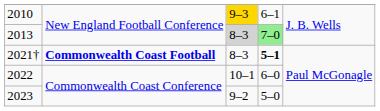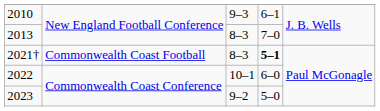 <table class="wikitable">
 <tr>
 </tr>
 <tr>
 <td>2010</td>
 <td rowspan=2><a href='#'>New England Football Conference</a></td>
-<td style="background: gold;">9–3</td>
+<td>9–3</td>
 <td>6–1</td>
 <td rowspan=2><a href='#'>J. B. Wells</a></td>
 </tr>
 <tr>
 <td>2013</td>
-<td style="background: lightgrey;">8–3</td>
-<td style="background: lightgreen;">7–0</td>
+<td>8–3</td>
+<td>7–0</td>
 </tr>
 <tr>
 <td>2021†</td>
-<td><strong><a href='#'>Commonwealth Coast Football</a></strong></td>
+<td><a href='#'>Commonwealth Coast Football</a></td>
 <td>8–3</td>
 <td><strong>5–1</strong></td>
 <td rowspan=3><a href='#'>Paul McGonagle</a></td>
 </tr>
 <tr>
 <td>2022</td>
 <td rowspan=2><a href='#'>Commonwealth Coast Conference</a></td>
 <td>10–1</td>
 <td>6–0</td>
 </tr>
 <tr>
 <td>2023</td>
 <td>9–2</td>
 <td>5–0</td>
 </tr>
 </table>
